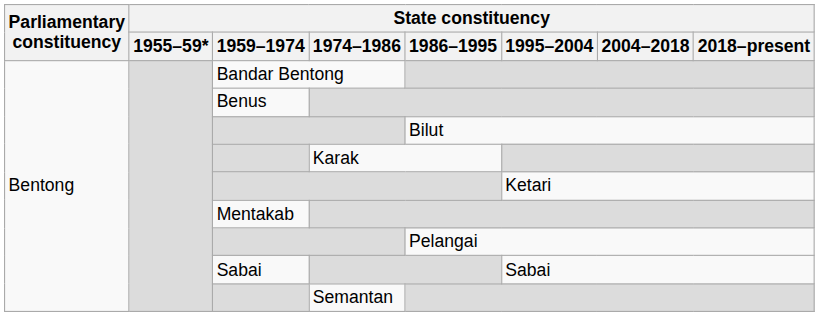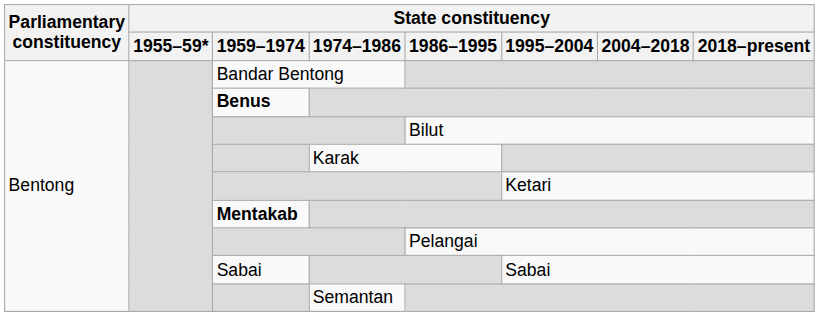 <table class="wikitable">
 <tr>
 <th rowspan="2">Parliamentary<br>constituency</th>
 <th colspan="7">State constituency</th>
 </tr>
 <tr>
 <th>1955–59*</th>
 <th>1959–1974</th>
 <th>1974–1986</th>
 <th>1986–1995</th>
 <th>1995–2004</th>
 <th>2004–2018</th>
 <th>2018–present</th>
 </tr>
 <tr>
 <td rowspan="9">Bentong</td>
 <td rowspan="9" bgcolor="dcdcdc"></td>
 <td colspan="2">Bandar Bentong</td>
 <td colspan="4" bgcolor="dcdcdc"></td>
 </tr>
 <tr>
-<td>Benus</td>
+<td><strong>Benus</strong></td>
 <td colspan="5" bgcolor="dcdcdc"></td>
 </tr>
 <tr>
 <td colspan="2" bgcolor="dcdcdc"></td>
 <td colspan="4">Bilut</td>
 </tr>
 <tr>
 <td bgcolor="dcdcdc"></td>
 <td colspan="2">Karak</td>
 <td colspan="3" bgcolor="dcdcdc"></td>
 </tr>
 <tr>
 <td colspan="3" bgcolor="dcdcdc"></td>
 <td colspan="3">Ketari</td>
 </tr>
 <tr>
-<td>Mentakab</td>
+<td><strong>Mentakab</strong></td>
 <td colspan="5" bgcolor="dcdcdc"></td>
 </tr>
 <tr>
 <td colspan="2" bgcolor="dcdcdc"></td>
 <td colspan="4">Pelangai</td>
 </tr>
 <tr>
 <td>Sabai</td>
 <td colspan="2" bgcolor="dcdcdc"></td>
 <td colspan="3">Sabai</td>
 </tr>
 <tr>
 <td bgcolor="dcdcdc"></td>
 <td>Semantan</td>
 <td colspan="4" bgcolor="dcdcdc"></td>
 </tr>
 </table>
